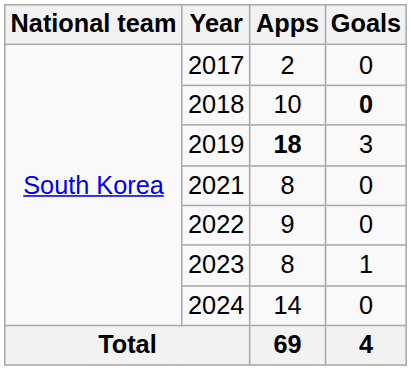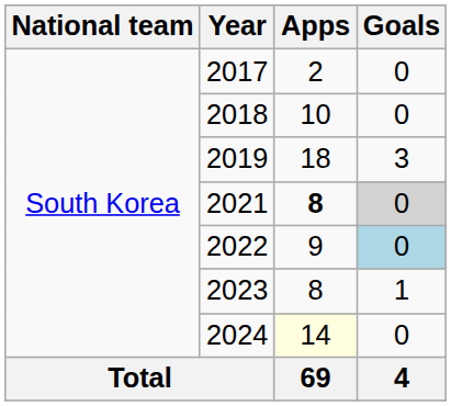 <table class="wikitable" style="text-align:center">
 <tr>
 <th>National team</th>
 <th>Year</th>
 <th>Apps</th>
 <th>Goals</th>
 </tr>
 <tr>
 <td rowspan="7"><a href='#'>South Korea</a></td>
 <td>2017</td>
 <td>2</td>
 <td>0</td>
 </tr>
 <tr>
 <td>2018</td>
 <td>10</td>
-<td><strong>0</strong></td>
+<td>0</td>
 </tr>
 <tr>
 <td>2019</td>
-<td><strong>18</strong></td>
+<td>18</td>
 <td>3</td>
 </tr>
 <tr>
 <td>2021</td>
-<td>8</td>
-<td>0</td>
+<td><strong>8</strong></td>
+<td style="background: lightgrey;">0</td>
 </tr>
 <tr>
 <td>2022</td>
 <td>9</td>
-<td>0</td>
+<td style="background: lightblue;">0</td>
 </tr>
 <tr>
 <td>2023</td>
 <td>8</td>
 <td>1</td>
 </tr>
 <tr>
 <td>2024</td>
-<td>14</td>
+<td style="background: lightyellow;">14</td>
 <td>0</td>
 </tr>
 <tr>
 <th colspan="2">Total</th>
 <th>69</th>
 <th>4</th>
 </tr>
 </table>
